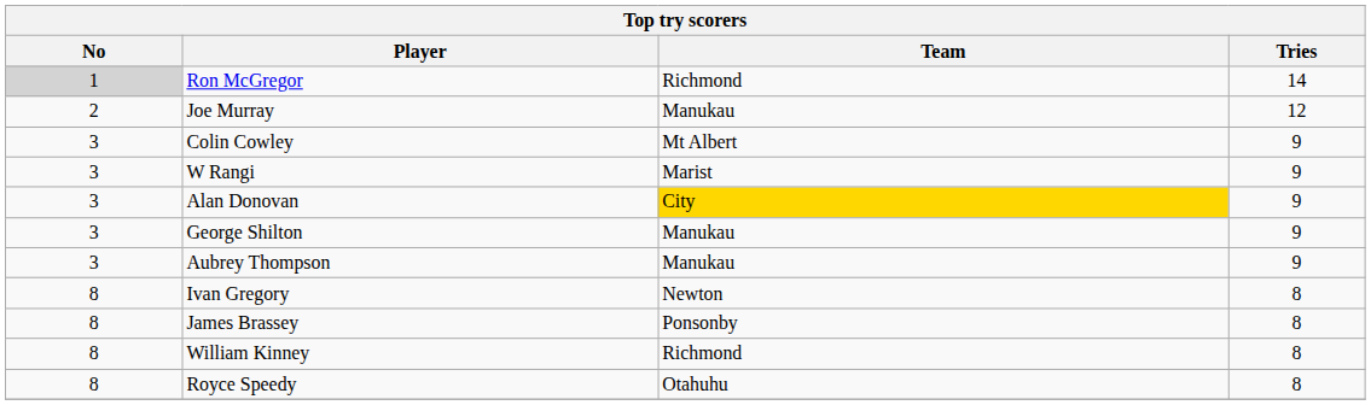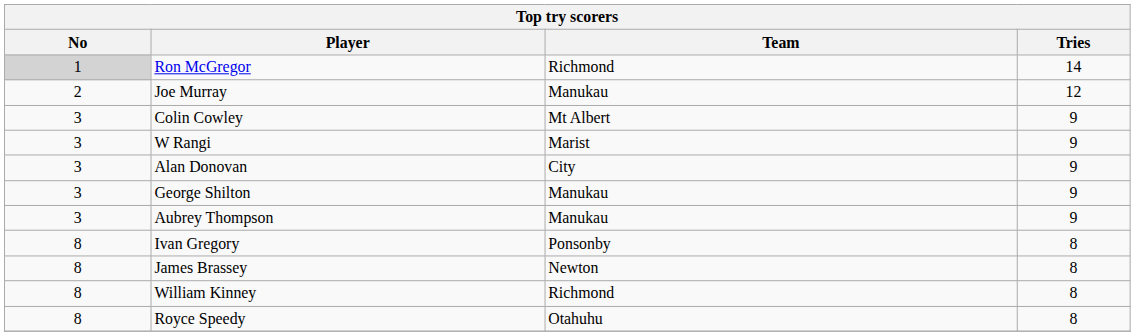 <table class="wikitable collapsible sortable" style="text-align:left; font-size:100%; width:90%;">
 <tr>
 <th colspan="100%">Top try scorers</th>
 </tr>
 <tr>
 <th style="width:13%;">No</th>
 <th style="width:35%;">Player</th>
 <th style="width:42%;">Team</th>
 <th style="width:15%;">Tries<br></th>
 </tr>
 <tr>
 <td style="background: lightgrey; text-align:center;">1</td>
 <td><a href='#'>Ron McGregor</a></td>
 <td>Richmond</td>
 <td style="text-align:center;">14</td>
 </tr>
 <tr>
 <td style="text-align:center;">2</td>
 <td>Joe Murray</td>
 <td>Manukau</td>
 <td style="text-align:center;">12</td>
 </tr>
 <tr>
 <td style="text-align:center;">3</td>
 <td>Colin Cowley</td>
 <td>Mt Albert</td>
 <td style="text-align:center;">9</td>
 </tr>
 <tr>
 <td style="text-align:center;">3</td>
 <td>W Rangi</td>
 <td>Marist</td>
 <td style="text-align:center;">9</td>
 </tr>
 <tr>
 <td style="text-align:center;">3</td>
 <td>Alan Donovan</td>
-<td style="background: gold;">City</td>
+<td>City</td>
 <td style="text-align:center;">9</td>
 </tr>
 <tr>
 <td style="text-align:center;">3</td>
 <td>George Shilton</td>
 <td>Manukau</td>
 <td style="text-align:center;">9</td>
 </tr>
 <tr>
 <td style="text-align:center;">3</td>
 <td>Aubrey Thompson</td>
 <td>Manukau</td>
 <td style="text-align:center;">9</td>
 </tr>
 <tr>
 <td style="text-align:center;">8</td>
 <td>Ivan Gregory</td>
-<td>Newton</td>
+<td>Ponsonby</td>
 <td style="text-align:center;">8</td>
 </tr>
 <tr>
 <td style="text-align:center;">8</td>
 <td>James Brassey</td>
-<td>Ponsonby</td>
+<td>Newton</td>
 <td style="text-align:center;">8</td>
 </tr>
 <tr>
 <td style="text-align:center;">8</td>
 <td>William Kinney</td>
 <td>Richmond</td>
 <td style="text-align:center;">8</td>
 </tr>
 <tr>
 <td style="text-align:center;">8</td>
 <td>Royce Speedy</td>
 <td>Otahuhu</td>
 <td style="text-align:center;">8</td>
 </tr>
 <tr>
 </tr>
 </table>
